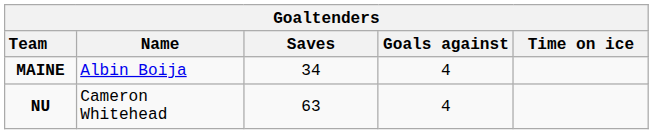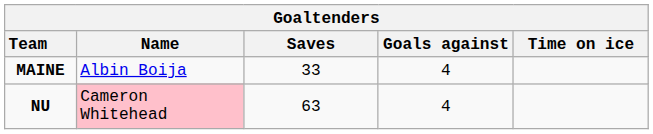 <table class="wikitable" style="width:40em; text-align:right;">
 <tr>
 <th colspan=5>Goaltenders</th>
 </tr>
 <tr>
 <th style="width:4em; text-align:left;">Team</th>
 <th style="width:10em;">Name</th>
 <th style="width:8em;">Saves</th>
 <th style="width:8em;">Goals against</th>
 <th style="width:8em;">Time on ice</th>
 </tr>
 <tr>
 <td align=center><strong>MAINE</strong></td>
 <td style="text-align:left;"><a href='#'>Albin Boija</a></td>
-<td align=center>34</td>
+<td align=center>33</td>
 <td align=center>4</td>
 <td align=center></td>
 </tr>
 <tr>
 <td align=center><strong>NU</strong></td>
-<td style="text-align:left;">Cameron Whitehead</td>
+<td style="background: pink; text-align:left;">Cameron Whitehead</td>
 <td align=center>63</td>
 <td align=center>4</td>
 <td align=center></td>
 </tr>
 </table>
